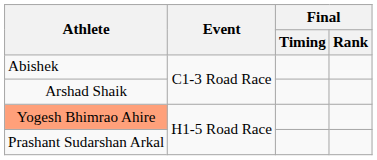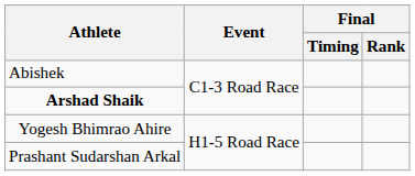 <table class="wikitable" style="text-align:center; font-size:90%">
 <tr>
 <th rowspan="2">Athlete</th>
 <th rowspan="2">Event</th>
 <th colspan="2">Final</th>
 </tr>
 <tr>
 <th>Timing</th>
 <th>Rank</th>
 </tr>
 <tr>
 <td align="left">Abishek</td>
 <td rowspan="2">C1-3 Road Race</td>
 <td></td>
 <td></td>
 </tr>
 <tr>
-<td>Arshad Shaik</td>
+<td><strong>Arshad Shaik</strong></td>
 <td></td>
 <td></td>
 </tr>
 <tr>
-<td style="background: lightsalmon;">Yogesh Bhimrao Ahire</td>
+<td>Yogesh Bhimrao Ahire</td>
 <td rowspan="2">H1-5 Road Race</td>
 <td></td>
 <td></td>
 </tr>
 <tr>
 <td>Prashant Sudarshan Arkal</td>
 <td></td>
 <td></td>
 </tr>
 </table>
